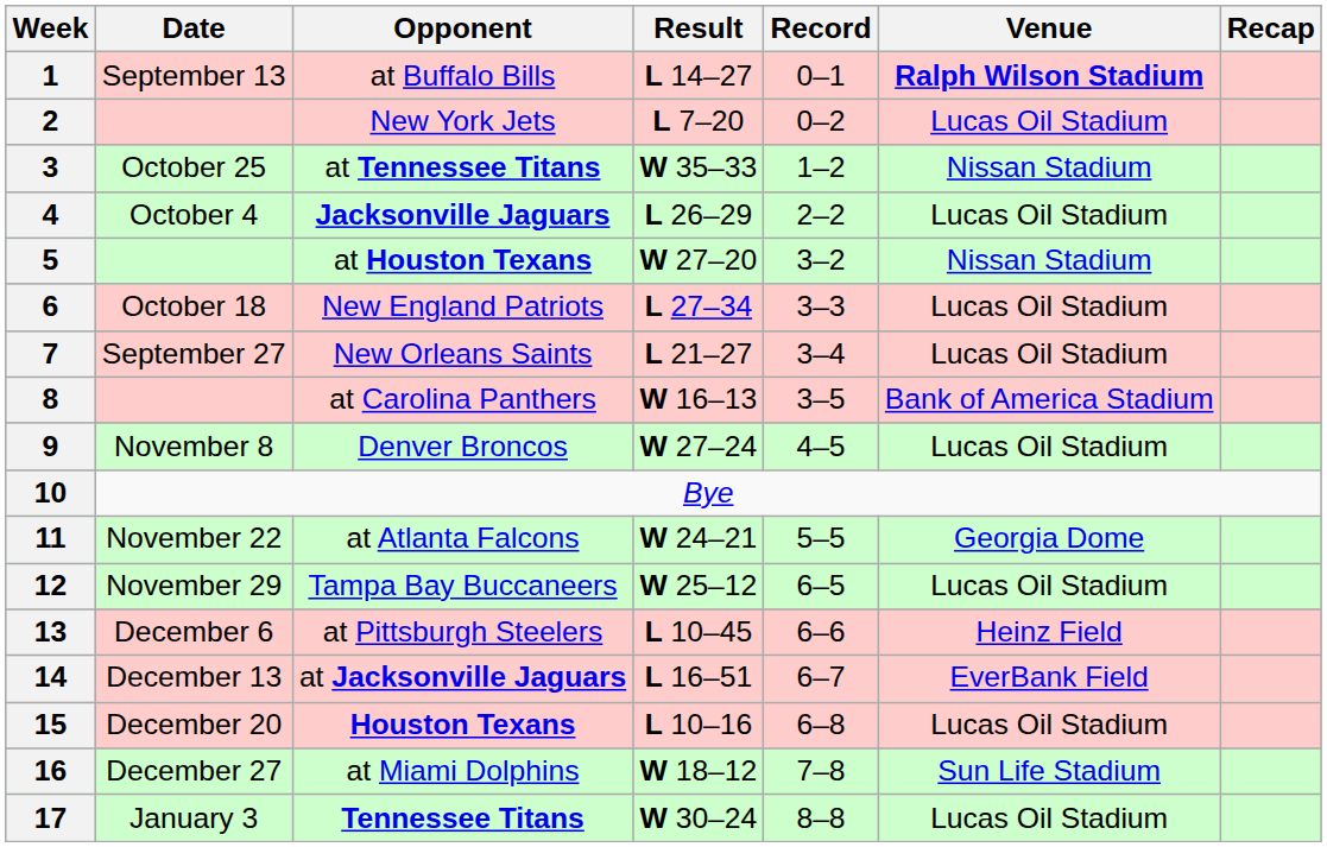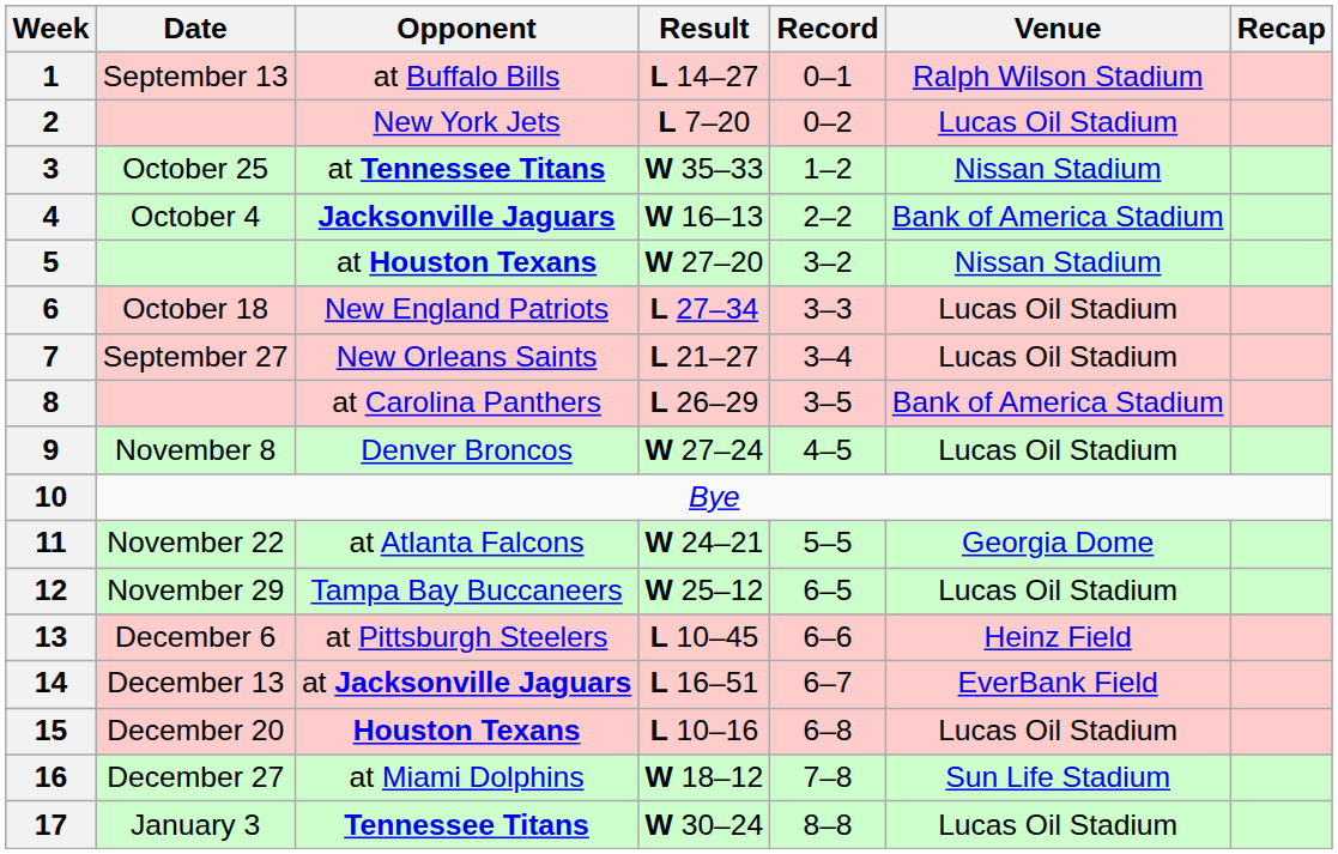 <table class="wikitable" style="text-align:center">
 <tr>
 <th>Week</th>
 <th>Date</th>
 <th>Opponent</th>
 <th>Result</th>
 <th>Record</th>
 <th>Venue</th>
 <th>Recap</th>
 </tr>
 <tr style="background:#fcc">
 <th>1</th>
 <td>September 13</td>
 <td>at <a href='#'>Buffalo Bills</a></td>
 <td><strong>L</strong> 14–27</td>
 <td>0–1</td>
-<td><strong><a href='#'>Ralph Wilson Stadium</a></strong></td>
+<td><a href='#'>Ralph Wilson Stadium</a></td>
 <td></td>
 </tr>
 <tr style="background:#fcc">
 <th>2</th>
 <td></td>
 <td><a href='#'>New York Jets</a></td>
 <td><strong>L</strong> 7–20</td>
 <td>0–2</td>
 <td><a href='#'>Lucas Oil Stadium</a></td>
 <td></td>
 </tr>
 <tr style="background:#cfc">
 <th>3</th>
 <td>October 25</td>
 <td>at <strong><a href='#'>Tennessee Titans</a></strong></td>
 <td><strong>W</strong> 35–33</td>
 <td>1–2</td>
 <td><a href='#'>Nissan Stadium</a></td>
 <td></td>
 </tr>
 <tr style="background:#cfc">
 <th>4</th>
 <td>October 4</td>
 <td><strong><a href='#'>Jacksonville Jaguars</a></strong></td>
-<td><strong>L</strong> 26–29 </td>
+<td><strong>W</strong> 16–13 </td>
 <td>2–2</td>
-<td>Lucas Oil Stadium</td>
+<td><a href='#'>Bank of America Stadium</a></td>
 <td></td>
 </tr>
 <tr style="background:#cfc">
 <th>5</th>
 <td></td>
 <td>at <strong><a href='#'>Houston Texans</a></strong></td>
 <td><strong>W</strong> 27–20</td>
 <td>3–2</td>
 <td><a href='#'>Nissan Stadium</a></td>
 <td></td>
 </tr>
 <tr style="background:#fcc">
 <th>6</th>
 <td>October 18</td>
 <td><a href='#'>New England Patriots</a></td>
 <td><strong>L</strong> <a href='#'>27–34</a></td>
 <td>3–3</td>
 <td>Lucas Oil Stadium</td>
 <td></td>
 </tr>
 <tr style="background:#fcc">
 <th>7</th>
 <td>September 27</td>
 <td><a href='#'>New Orleans Saints</a></td>
 <td><strong>L</strong> 21–27</td>
 <td>3–4</td>
 <td>Lucas Oil Stadium</td>
 <td></td>
 </tr>
 <tr style="background:#fcc">
 <th>8</th>
 <td></td>
 <td>at <a href='#'>Carolina Panthers</a></td>
-<td><strong>W</strong> 16–13 </td>
+<td><strong>L</strong> 26–29 </td>
 <td>3–5</td>
 <td><a href='#'>Bank of America Stadium</a></td>
 <td></td>
 </tr>
 <tr style="background:#cfc">
 <th>9</th>
 <td>November 8</td>
 <td><a href='#'>Denver Broncos</a></td>
 <td><strong>W</strong> 27–24</td>
 <td>4–5</td>
 <td>Lucas Oil Stadium</td>
 <td></td>
 </tr>
 <tr>
 <th>10</th>
 <td colspan="6"><em><a href='#'>Bye</a></em></td>
 </tr>
 <tr style="background:#cfc">
 <th>11</th>
 <td>November 22</td>
 <td>at <a href='#'>Atlanta Falcons</a></td>
 <td><strong>W</strong> 24–21</td>
 <td>5–5</td>
 <td><a href='#'>Georgia Dome</a></td>
 <td></td>
 </tr>
 <tr style="background:#cfc">
 <th>12</th>
 <td>November 29</td>
 <td><a href='#'>Tampa Bay Buccaneers</a></td>
 <td><strong>W</strong> 25–12</td>
 <td>6–5</td>
 <td>Lucas Oil Stadium</td>
 <td></td>
 </tr>
 <tr style="background:#fcc">
 <th>13</th>
 <td>December 6</td>
 <td>at <a href='#'>Pittsburgh Steelers</a></td>
 <td><strong>L</strong> 10–45</td>
 <td>6–6</td>
 <td><a href='#'>Heinz Field</a></td>
 <td></td>
 </tr>
 <tr style="background:#fcc">
 <th>14</th>
 <td>December 13</td>
 <td>at <strong><a href='#'>Jacksonville Jaguars</a></strong></td>
 <td><strong>L</strong> 16–51</td>
 <td>6–7</td>
 <td><a href='#'>EverBank Field</a></td>
 <td></td>
 </tr>
 <tr style="background:#fcc">
 <th>15</th>
 <td>December 20</td>
 <td><strong><a href='#'>Houston Texans</a></strong></td>
 <td><strong>L</strong> 10–16</td>
 <td>6–8</td>
 <td>Lucas Oil Stadium</td>
 <td></td>
 </tr>
 <tr style="background:#cfc">
 <th>16</th>
 <td>December 27</td>
 <td>at <a href='#'>Miami Dolphins</a></td>
 <td><strong>W</strong> 18–12</td>
 <td>7–8</td>
 <td><a href='#'>Sun Life Stadium</a></td>
 <td></td>
 </tr>
 <tr style="background:#cfc">
 <th>17</th>
 <td>January 3</td>
 <td><strong><a href='#'>Tennessee Titans</a></strong></td>
 <td><strong>W</strong> 30–24</td>
 <td>8–8</td>
 <td>Lucas Oil Stadium</td>
 <td></td>
 </tr>
 </table>
